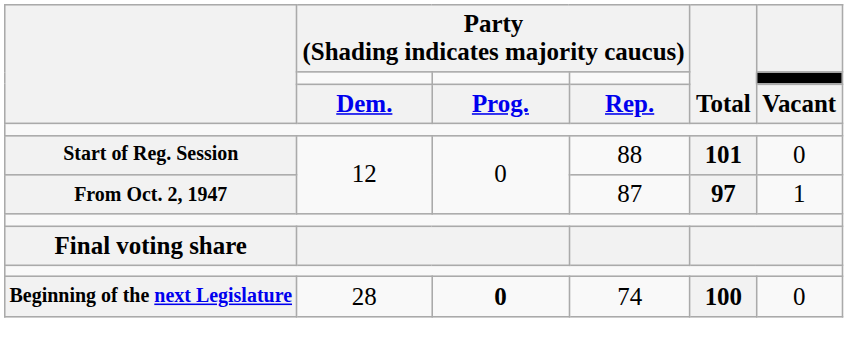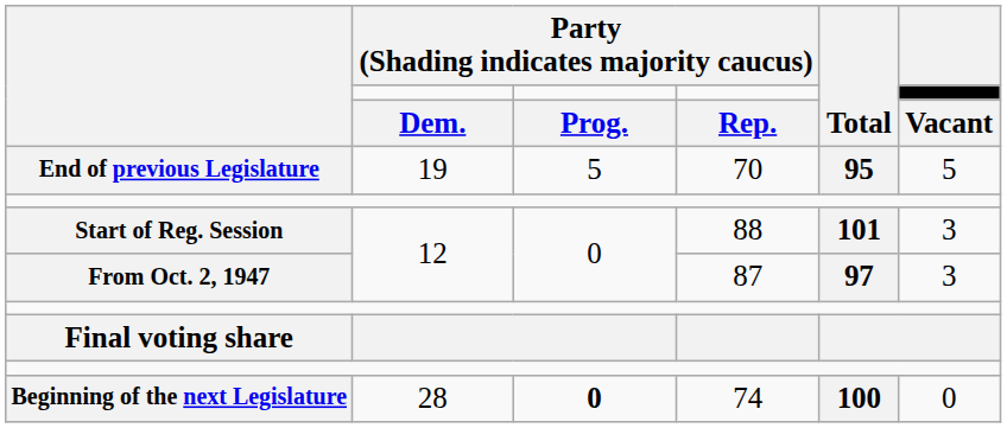 <table class=wikitable style="text-align:center">
 <tr style="vertical-align:bottom;">
 <th rowspan=3></th>
 <th colspan=3>Party <div>(Shading indicates majority caucus)</div></th>
 <th rowspan=3>Total</th>
 <th></th>
 </tr>
 <tr style="height:5px">
 <td style="background-color:"></td>
 <td style="background-color:"></td>
 <td style="background-color:"></td>
 <td style="background:black;"></td>
 </tr>
 <tr>
 <th><a href='#'>Dem.</a></th>
 <th><a href='#'>Prog.</a></th>
 <th><a href='#'>Rep.</a></th>
 <th>Vacant</th>
 </tr>
 <tr>
+<th style="font-size:80%;">End of <a href='#'>previous Legislature</a></th>
+<td>19</td>
+<td>5</td>
+<td>70</td>
+<th>95</th>
+<td>5</td>
+</tr>
+<tr>
 <td colspan=6></td>
 </tr>
 <tr>
 <th style="font-size:80%;">Start of Reg. Session</th>
 <td rowspan="2">12</td>
 <td rowspan="2">0</td>
 <td>88</td>
 <th>101</th>
-<td>0</td>
+<td>3</td>
 </tr>
 <tr>
 <th style="font-size:80%;">From Oct. 2, 1947</th>
 <td>87</td>
 <th>97</th>
-<td>1</td>
+<td>3</td>
 </tr>
 <tr>
 <td colspan=6></td>
 </tr>
 <tr>
 <th>Final voting share</th>
 <th colspan="2"></th>
 <th></th>
 <th colspan=2></th>
 </tr>
 <tr>
 <td colspan=6></td>
 </tr>
 <tr>
 <th style="font-size:80%;">Beginning of the <a href='#'>next Legislature</a></th>
 <td>28</td>
 <td><strong>0</strong></td>
 <td>74</td>
 <th>100</th>
 <td>0</td>
 </tr>
 </table>
